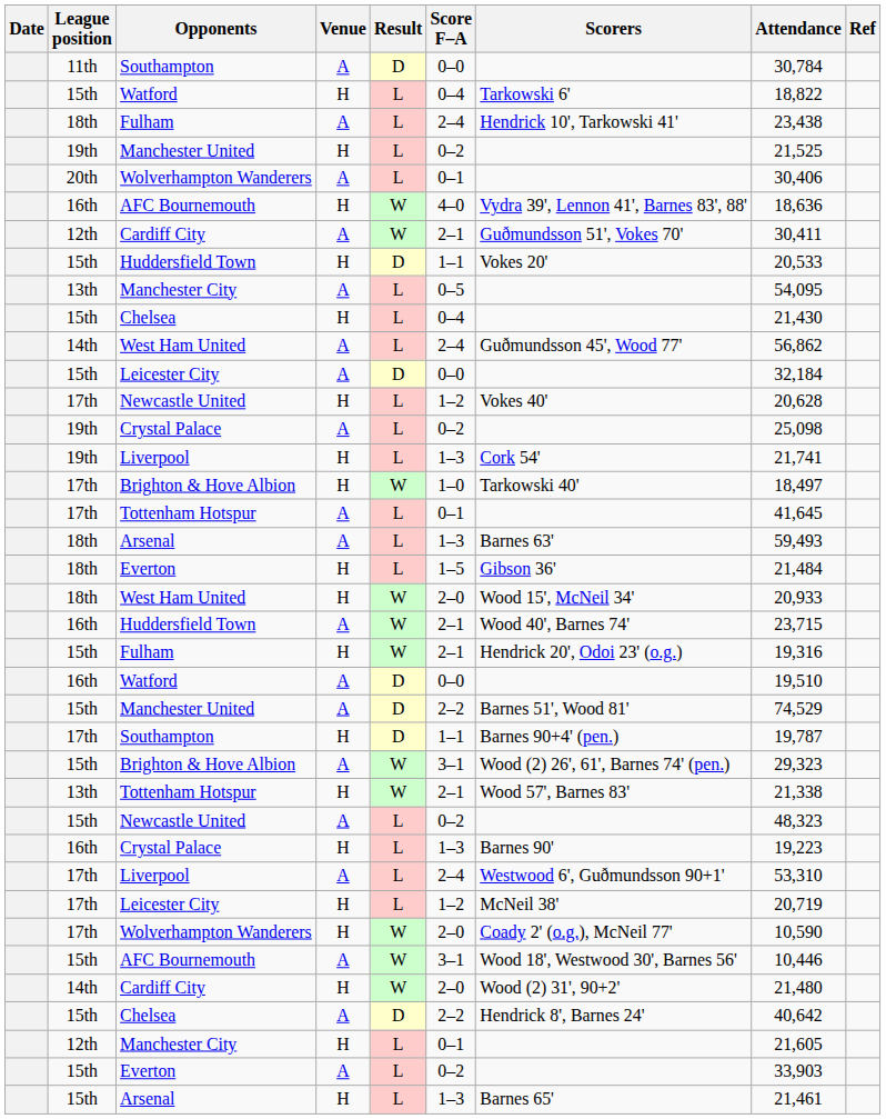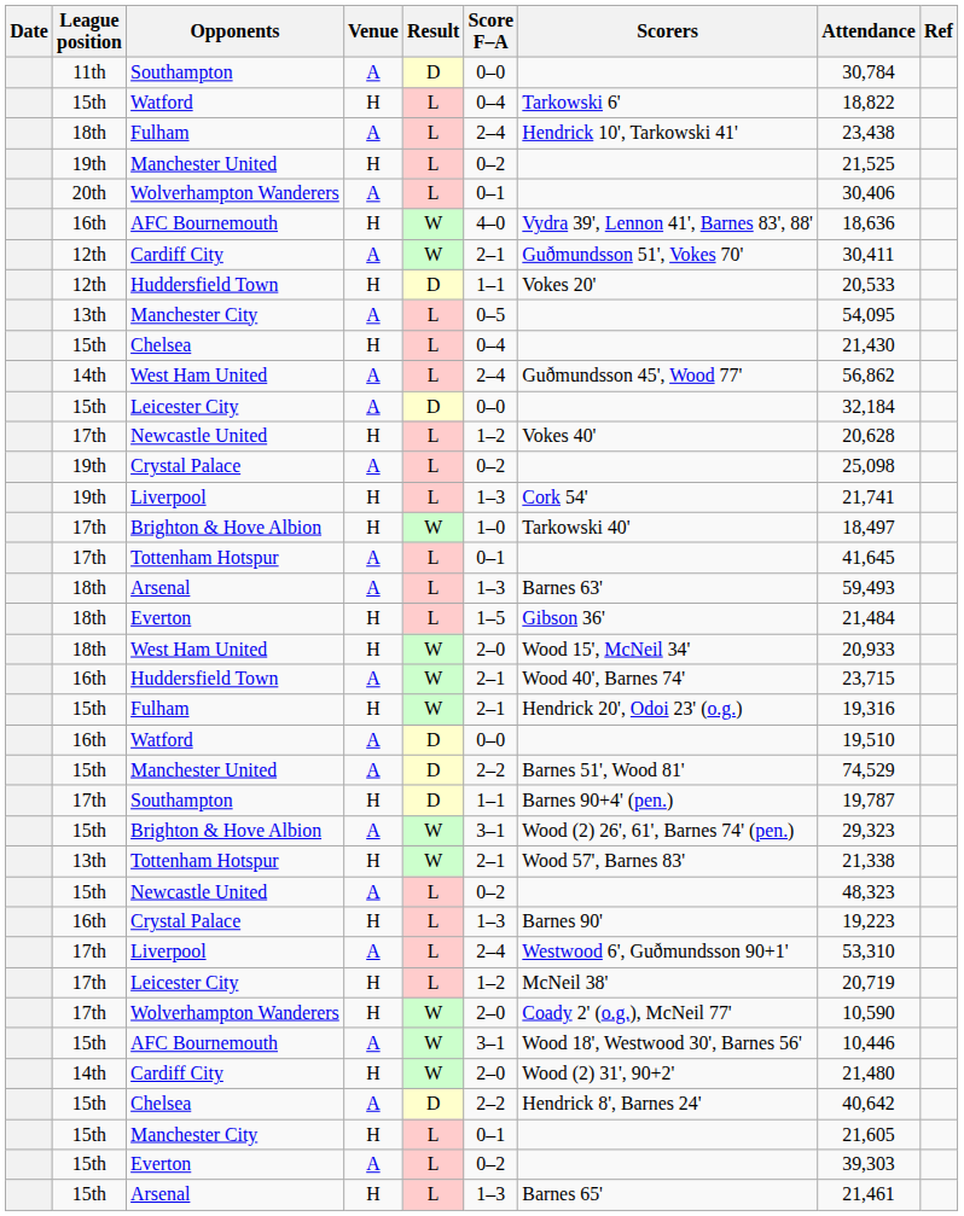 <table class="wikitable plainrowheaders sortable" style="text-align:center">
 <tr>
 <th scope="col">Date</th>
 <th scope="col">League<br>position</th>
 <th scope="col">Opponents</th>
 <th scope="col">Venue</th>
 <th scope="col">Result</th>
 <th scope="col">Score<br>F–A</th>
 <th scope="col" class="unsortable">Scorers</th>
 <th scope="col">Attendance</th>
 <th scope="col" class="unsortable">Ref</th>
 </tr>
 <tr>
 <th scope="row"></th>
 <td>11th</td>
 <td align="left"><a href='#'>Southampton</a></td>
 <td><a href='#'>A</a></td>
 <td bgcolor="ffffcc">D</td>
 <td>0–0</td>
 <td align="left"></td>
 <td>30,784</td>
 <td></td>
 </tr>
 <tr>
 <th scope="row"></th>
 <td>15th</td>
 <td align="left"><a href='#'>Watford</a></td>
 <td>H</td>
 <td bgcolor="ffcccc">L</td>
 <td>0–4</td>
 <td align="left"><a href='#'>Tarkowski</a> 6'</td>
 <td>18,822</td>
 <td></td>
 </tr>
 <tr>
 <th scope="row"></th>
 <td>18th</td>
 <td align="left"><a href='#'>Fulham</a></td>
 <td><a href='#'>A</a></td>
 <td bgcolor="ffcccc">L</td>
 <td>2–4</td>
 <td align="left"><a href='#'>Hendrick</a> 10', Tarkowski 41'</td>
 <td>23,438</td>
 <td></td>
 </tr>
 <tr>
 <th scope="row"></th>
 <td>19th</td>
 <td align="left"><a href='#'>Manchester United</a></td>
 <td>H</td>
 <td bgcolor="#ffcccc">L</td>
 <td>0–2</td>
 <td align="left"></td>
 <td>21,525</td>
 <td></td>
 </tr>
 <tr>
 <th scope="row"></th>
 <td>20th</td>
 <td align="left"><a href='#'>Wolverhampton Wanderers</a></td>
 <td><a href='#'>A</a></td>
 <td bgcolor="#ffcccc">L</td>
 <td>0–1</td>
 <td align="left"></td>
 <td>30,406</td>
 <td></td>
 </tr>
 <tr>
 <th scope="row"></th>
 <td>16th</td>
 <td align="left"><a href='#'>AFC Bournemouth</a></td>
 <td>H</td>
 <td bgcolor="#ccffcc">W</td>
 <td>4–0</td>
 <td align="left"><a href='#'>Vydra</a> 39', <a href='#'>Lennon</a> 41', <a href='#'>Barnes</a> 83', 88'</td>
 <td>18,636</td>
 <td></td>
 </tr>
 <tr>
 <th scope="row"></th>
 <td>12th</td>
 <td align="left"><a href='#'>Cardiff City</a></td>
 <td><a href='#'>A</a></td>
 <td bgcolor="#ccffcc">W</td>
 <td>2–1</td>
 <td align="left"><a href='#'>Guðmundsson</a> 51', <a href='#'>Vokes</a> 70'</td>
 <td>30,411</td>
 <td></td>
 </tr>
 <tr>
 <th scope="row"></th>
-<td>15th</td>
+<td>12th</td>
 <td align="left"><a href='#'>Huddersfield Town</a></td>
 <td>H</td>
 <td bgcolor="#ffffcc">D</td>
 <td>1–1</td>
 <td align="left">Vokes 20'</td>
 <td>20,533</td>
 <td></td>
 </tr>
 <tr>
 <th scope="row"></th>
 <td>13th</td>
 <td align="left"><a href='#'>Manchester City</a></td>
 <td><a href='#'>A</a></td>
 <td bgcolor="#ffcccc">L</td>
 <td>0–5</td>
 <td align="left"></td>
 <td>54,095</td>
 <td></td>
 </tr>
 <tr>
 <th scope="row"></th>
 <td>15th</td>
 <td align="left"><a href='#'>Chelsea</a></td>
 <td>H</td>
 <td bgcolor="#ffcccc">L</td>
 <td>0–4</td>
 <td align="left"></td>
 <td>21,430</td>
 <td></td>
 </tr>
 <tr>
 <th scope="row"></th>
 <td>14th</td>
 <td align="left"><a href='#'>West Ham United</a></td>
 <td><a href='#'>A</a></td>
 <td bgcolor="#ffcccc">L</td>
 <td>2–4</td>
 <td align="left">Guðmundsson 45', <a href='#'>Wood</a> 77'</td>
 <td>56,862</td>
 <td></td>
 </tr>
 <tr>
 <th scope="row"></th>
 <td>15th</td>
 <td align="left"><a href='#'>Leicester City</a></td>
 <td><a href='#'>A</a></td>
 <td bgcolor="#ffffcc">D</td>
 <td>0–0</td>
 <td align="left"></td>
 <td>32,184</td>
 <td></td>
 </tr>
 <tr>
 <th scope="row"></th>
 <td>17th</td>
 <td align="left"><a href='#'>Newcastle United</a></td>
 <td>H</td>
 <td bgcolor="#ffcccc">L</td>
 <td>1–2</td>
 <td align="left">Vokes 40'</td>
 <td>20,628</td>
 <td></td>
 </tr>
 <tr>
 <th scope="row"></th>
 <td>19th</td>
 <td align="left"><a href='#'>Crystal Palace</a></td>
 <td><a href='#'>A</a></td>
 <td bgcolor="#ffcccc">L</td>
 <td>0–2</td>
 <td></td>
 <td>25,098</td>
 <td></td>
 </tr>
 <tr>
 <th scope="row"></th>
 <td>19th</td>
 <td align="left"><a href='#'>Liverpool</a></td>
 <td>H</td>
 <td bgcolor="#ffcccc">L</td>
 <td>1–3</td>
 <td align=left><a href='#'>Cork</a> 54'</td>
 <td>21,741</td>
 <td></td>
 </tr>
 <tr>
 <th scope="row"></th>
 <td>17th</td>
 <td align="left"><a href='#'>Brighton & Hove Albion</a></td>
 <td>H</td>
 <td bgcolor="#ccffcc">W</td>
 <td>1–0</td>
 <td align=left>Tarkowski 40'</td>
 <td>18,497</td>
 <td></td>
 </tr>
 <tr>
 <th scope="row"></th>
 <td>17th</td>
 <td align="left"><a href='#'>Tottenham Hotspur</a></td>
 <td><a href='#'>A</a></td>
 <td bgcolor="#ffcccc">L</td>
 <td>0–1</td>
 <td></td>
 <td>41,645</td>
 <td></td>
 </tr>
 <tr>
 <th scope="row"></th>
 <td>18th</td>
 <td align="left"><a href='#'>Arsenal</a></td>
 <td><a href='#'>A</a></td>
 <td bgcolor="#ffcccc">L</td>
 <td>1–3</td>
 <td align=left>Barnes 63'</td>
 <td>59,493</td>
 <td></td>
 </tr>
 <tr>
 <th scope="row"></th>
 <td>18th</td>
 <td align="left"><a href='#'>Everton</a></td>
 <td>H</td>
 <td bgcolor="#ffcccc">L</td>
 <td>1–5</td>
 <td align=left><a href='#'>Gibson</a> 36'</td>
 <td>21,484</td>
 <td></td>
 </tr>
 <tr>
 <th scope="row"></th>
 <td>18th</td>
 <td align="left"><a href='#'>West Ham United</a></td>
 <td>H</td>
 <td bgcolor="#ccffcc">W</td>
 <td>2–0</td>
 <td align=left>Wood 15', <a href='#'>McNeil</a> 34'</td>
 <td>20,933</td>
 <td></td>
 </tr>
 <tr>
 <th scope="row"></th>
 <td>16th</td>
 <td align="left"><a href='#'>Huddersfield Town</a></td>
 <td><a href='#'>A</a></td>
 <td bgcolor="#ccffcc">W</td>
 <td>2–1</td>
 <td align=left>Wood 40', Barnes 74'</td>
 <td>23,715</td>
 <td></td>
 </tr>
 <tr>
 <th scope="row"></th>
 <td>15th</td>
 <td align="left"><a href='#'>Fulham</a></td>
 <td>H</td>
 <td bgcolor="#ccffcc">W</td>
 <td>2–1</td>
 <td align=left>Hendrick 20', <a href='#'>Odoi</a> 23' (<a href='#'>o.g.</a>)</td>
 <td>19,316</td>
 <td></td>
 </tr>
 <tr>
 <th scope="row"></th>
 <td>16th</td>
 <td align="left"><a href='#'>Watford</a></td>
 <td><a href='#'>A</a></td>
 <td bgcolor="#ffffcc">D</td>
 <td>0–0</td>
 <td align=left></td>
 <td>19,510</td>
 <td></td>
 </tr>
 <tr>
 <th scope="row"></th>
 <td>15th</td>
 <td align="left"><a href='#'>Manchester United</a></td>
 <td><a href='#'>A</a></td>
 <td bgcolor="#ffffcc">D</td>
 <td>2–2</td>
 <td align=left>Barnes 51', Wood 81'</td>
 <td>74,529</td>
 <td></td>
 </tr>
 <tr>
 <th scope="row"></th>
 <td>17th</td>
 <td align="left"><a href='#'>Southampton</a></td>
 <td>H</td>
 <td bgcolor="#ffffcc">D</td>
 <td>1–1</td>
 <td align=left>Barnes 90+4' (<a href='#'>pen.</a>)</td>
 <td>19,787</td>
 <td></td>
 </tr>
 <tr>
 <th scope="row"></th>
 <td>15th</td>
 <td align="left"><a href='#'>Brighton & Hove Albion</a></td>
 <td><a href='#'>A</a></td>
 <td bgcolor="#ccffcc">W</td>
 <td>3–1</td>
 <td align=left>Wood (2) 26', 61', Barnes 74' (<a href='#'>pen.</a>)</td>
 <td>29,323</td>
 <td></td>
 </tr>
 <tr>
 <th scope="row"></th>
 <td>13th</td>
 <td align="left"><a href='#'>Tottenham Hotspur</a></td>
 <td>H</td>
 <td bgcolor="#ccffcc">W</td>
 <td>2–1</td>
 <td align=left>Wood 57', Barnes 83'</td>
 <td>21,338</td>
 <td></td>
 </tr>
 <tr>
 <th scope="row"></th>
 <td>15th</td>
 <td align="left"><a href='#'>Newcastle United</a></td>
 <td><a href='#'>A</a></td>
 <td bgcolor="#ffcccc">L</td>
 <td>0–2</td>
 <td></td>
 <td>48,323</td>
 <td></td>
 </tr>
 <tr>
 <th scope="row"></th>
 <td>16th</td>
 <td align="left"><a href='#'>Crystal Palace</a></td>
 <td>H</td>
 <td bgcolor="#ffcccc">L</td>
 <td>1–3</td>
 <td align=left>Barnes 90'</td>
 <td>19,223</td>
 <td></td>
 </tr>
 <tr>
 <th scope="row"></th>
 <td>17th</td>
 <td align="left"><a href='#'>Liverpool</a></td>
 <td><a href='#'>A</a></td>
 <td bgcolor="#ffcccc">L</td>
 <td>2–4</td>
 <td align=left><a href='#'>Westwood</a> 6', Guðmundsson 90+1'</td>
 <td>53,310</td>
 <td></td>
 </tr>
 <tr>
 <th scope="row"></th>
 <td>17th</td>
 <td align="left"><a href='#'>Leicester City</a></td>
 <td>H</td>
 <td bgcolor="#ffcccc">L</td>
 <td>1–2</td>
 <td align=left>McNeil 38'</td>
 <td>20,719</td>
 <td></td>
 </tr>
 <tr>
 <th scope="row"></th>
 <td>17th</td>
 <td align="left"><a href='#'>Wolverhampton Wanderers</a></td>
 <td>H</td>
 <td bgcolor="#ccffcc">W</td>
 <td>2–0</td>
 <td align=left><a href='#'>Coady</a> 2' (<a href='#'>o.g.</a>), McNeil 77'</td>
 <td>10,590</td>
 <td></td>
 </tr>
 <tr>
 <th scope="row"></th>
 <td>15th</td>
 <td align="left"><a href='#'>AFC Bournemouth</a></td>
 <td><a href='#'>A</a></td>
 <td bgcolor="#ccffcc">W</td>
 <td>3–1</td>
 <td align=left>Wood 18', Westwood 30', Barnes 56'</td>
 <td>10,446</td>
 <td></td>
 </tr>
 <tr>
 <th scope="row"></th>
 <td>14th</td>
 <td align="left"><a href='#'>Cardiff City</a></td>
 <td>H</td>
 <td bgcolor="#ccffcc">W</td>
 <td>2–0</td>
 <td align=left>Wood (2) 31', 90+2'</td>
 <td>21,480</td>
 <td></td>
 </tr>
 <tr>
 <th scope="row"></th>
 <td>15th</td>
 <td align="left"><a href='#'>Chelsea</a></td>
 <td><a href='#'>A</a></td>
 <td bgcolor="#ffffcc">D</td>
 <td>2–2</td>
 <td align=left>Hendrick 8', Barnes 24'</td>
 <td>40,642</td>
 <td></td>
 </tr>
 <tr>
 <th scope="row"></th>
-<td>12th</td>
+<td>15th</td>
 <td align="left"><a href='#'>Manchester City</a></td>
 <td>H</td>
 <td bgcolor="#ffcccc">L</td>
 <td>0–1</td>
 <td align=left></td>
 <td>21,605</td>
 <td></td>
 </tr>
 <tr>
 <th scope="row"></th>
 <td>15th</td>
 <td align="left"><a href='#'>Everton</a></td>
 <td><a href='#'>A</a></td>
 <td bgcolor="#ffcccc">L</td>
 <td>0–2</td>
 <td align=left></td>
-<td>33,903</td>
+<td>39,303</td>
 <td></td>
 </tr>
 <tr>
 <th scope="row"></th>
 <td>15th</td>
 <td align="left"><a href='#'>Arsenal</a></td>
 <td>H</td>
 <td bgcolor="#ffcccc">L</td>
 <td>1–3</td>
 <td align=left>Barnes 65'</td>
 <td>21,461</td>
 <td></td>
 </tr>
 </table>
